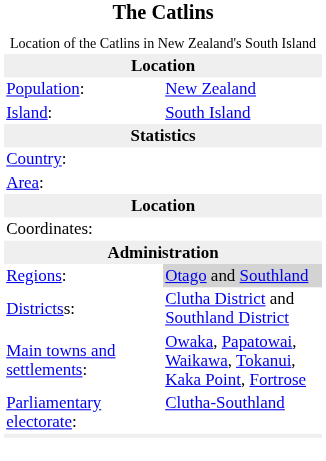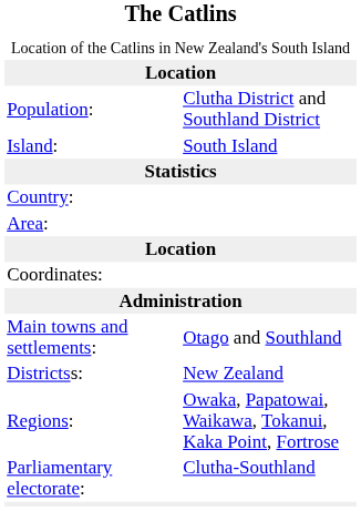 <table class="toccolours" cellpadding="2" cellspacing="0" style="width: 300px; margin: 0 0 1em 1em; float: right;">
 <tr>
 <td colspan="2" style="text-align:center;"><big><strong>The Catlins</strong></big></td>
 </tr>
 <tr>
 <td colspan="2"></td>
 </tr>
 <tr>
 <td colspan="2" style="text-align:center;"><small>Location of the Catlins in New Zealand's South Island</small></td>
 </tr>
 <tr>
 <th colspan="2" bgcolor="#efefef">Location</th>
 </tr>
 <tr>
 <td style="width: 50%;"><a href='#'>Population</a>:</td>
-<td><a href='#'>New Zealand</a></td>
+<td><a href='#'>Clutha District</a> and <a href='#'>Southland District</a></td>
 </tr>
 <tr>
 <td><a href='#'>Island</a>:</td>
 <td><a href='#'>South Island</a></td>
 </tr>
 <tr>
 <th colspan="2" bgcolor="#efefef">Statistics</th>
 </tr>
 <tr>
 </tr>
 <tr style="vertical-align: top;">
 <td><a href='#'>Country</a>:</td>
 <td> </td>
 </tr>
 <tr style="vertical-align: top;">
 <td style="width: 50%;"><a href='#'>Area</a>:</td>
 <td></td>
 </tr>
 <tr>
 <th colspan="2" bgcolor="#efefef">Location</th>
 </tr>
 <tr style="vertical-align: top;">
 <td style="width: 50%;">Coordinates:</td>
 <td></td>
 </tr>
 <tr>
 <th colspan="2" bgcolor="#efefef">Administration</th>
 </tr>
 <tr>
-<td><a href='#'>Regions</a>:</td>
-<td style="background: lightgrey;"><a href='#'>Otago</a> and <a href='#'>Southland</a></td>
+<td><a href='#'>Main towns and settlements</a>:</td>
+<td><a href='#'>Otago</a> and <a href='#'>Southland</a></td>
 </tr>
 <tr>
 <td><a href='#'>Districts</a>s:</td>
-<td><a href='#'>Clutha District</a> and <a href='#'>Southland District</a></td>
+<td><a href='#'>New Zealand</a></td>
 </tr>
 <tr>
-<td><a href='#'>Main towns and settlements</a>:</td>
+<td><a href='#'>Regions</a>:</td>
 <td><a href='#'>Owaka</a>, <a href='#'>Papatowai</a>, <a href='#'>Waikawa</a>, <a href='#'>Tokanui</a>, <a href='#'>Kaka Point</a>, <a href='#'>Fortrose</a></td>
 </tr>
 <tr style="vertical-align: top;">
 <td><a href='#'>Parliamentary electorate</a>:</td>
 <td><a href='#'>Clutha-Southland</a></td>
 </tr>
 <tr>
 <th colspan="2" bgcolor="#efefef"></th>
 </tr>
 </table>
